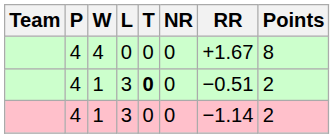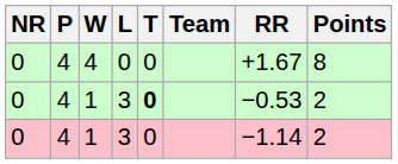 <table class="wikitable">
 <tr>
-<th>Team</th>
+<th>NR</th>
 <th>P</th>
 <th>W</th>
 <th>L</th>
 <th>T</th>
-<th>NR</th>
+<th>Team</th>
 <th>RR</th>
 <th>Points</th>
 </tr>
 <tr bgcolor=ccffcc>
-<td align=left></td>
+<td>0</td>
 <td>4</td>
 <td>4</td>
 <td>0</td>
 <td>0</td>
-<td>0</td>
+<td align=left></td>
 <td>+1.67</td>
 <td>8</td>
 </tr>
 <tr bgcolor=ccffcc>
-<td align=left></td>
+<td>0</td>
 <td>4</td>
 <td>1</td>
 <td>3</td>
 <td><strong>0</strong></td>
-<td>0</td>
-<td>−0.51</td>
+<td align=left></td>
+<td>−0.53</td>
 <td>2</td>
 </tr>
 <tr bgcolor=pink>
-<td align=left></td>
+<td>0</td>
 <td>4</td>
 <td>1</td>
 <td>3</td>
 <td>0</td>
-<td>0</td>
+<td align=left></td>
 <td>−1.14</td>
 <td>2</td>
 </tr>
 </table>
